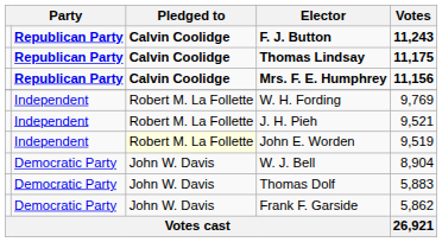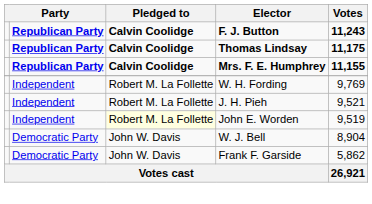 <table class="wikitable">
 <tr>
 <th colspan=2>Party</th>
 <th>Pledged to</th>
 <th>Elector</th>
 <th>Votes</th>
 </tr>
 <tr style="font-weight:bold">
 <td></td>
 <td><a href='#'>Republican Party</a></td>
 <td>Calvin Coolidge</td>
 <td>F. J. Button</td>
 <td align="right">11,243</td>
 </tr>
 <tr style="font-weight:bold">
 <td></td>
 <td><a href='#'>Republican Party</a></td>
 <td>Calvin Coolidge</td>
 <td>Thomas Lindsay</td>
 <td align="right">11,175</td>
 </tr>
 <tr style="font-weight:bold">
 <td></td>
 <td><a href='#'>Republican Party</a></td>
 <td>Calvin Coolidge</td>
 <td>Mrs. F. E. Humphrey</td>
-<td align="right">11,156</td>
+<td align="right">11,155</td>
 </tr>
 <tr style="font-weight:bold">
 </tr>
 <tr>
 <td></td>
 <td><a href='#'>Independent</a></td>
 <td>Robert M. La Follette</td>
 <td>W. H. Fording</td>
 <td align="right">9,769</td>
 </tr>
 <tr>
 <td></td>
 <td><a href='#'>Independent</a></td>
 <td>Robert M. La Follette</td>
 <td>J. H. Pieh</td>
 <td align="right">9,521</td>
 </tr>
 <tr>
 <td></td>
 <td><a href='#'>Independent</a></td>
 <td style="background: lightyellow;">Robert M. La Follette</td>
 <td>John E. Worden</td>
 <td align="right">9,519</td>
 </tr>
 <tr>
 <td></td>
 <td><a href='#'>Democratic Party</a></td>
 <td>John W. Davis</td>
 <td>W. J. Bell</td>
 <td align="right">8,904</td>
 </tr>
 <tr>
 <td></td>
 <td><a href='#'>Democratic Party</a></td>
 <td>John W. Davis</td>
-<td>Thomas Dolf</td>
-<td align="right">5,883</td>
-</tr>
-<tr>
-<td></td>
-<td><a href='#'>Democratic Party</a></td>
-<td>John W. Davis</td>
 <td>Frank F. Garside</td>
 <td align="right">5,862</td>
 </tr>
 <tr>
 <th colspan="4">Votes cast</th>
 <th>26,921</th>
 </tr>
 </table>
